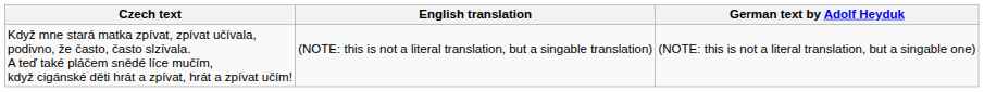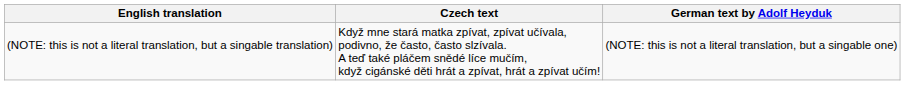 <table class="wikitable">
 <tr>
+<th>English translation</th>
 <th>Czech text</th>
-<th>English translation</th>
 <th>German text by <a href='#'>Adolf Heyduk</a></th>
 </tr>
 <tr>
+<td>(NOTE: this is not a literal translation, but a singable translation)<br><br></td>
 <td>Když mne stará matka zpívat, zpívat učívala, <br> podivno, že často, často slzívala. <br> A teď také pláčem snědé líce mučím, <br> když cigánské děti hrát a zpívat, hrát a zpívat učím!</td>
-<td>(NOTE: this is not a literal translation, but a singable translation)<br><br></td>
 <td>(NOTE: this is not a literal translation, but a singable one)<br><br></td>
 </tr>
 </table>
